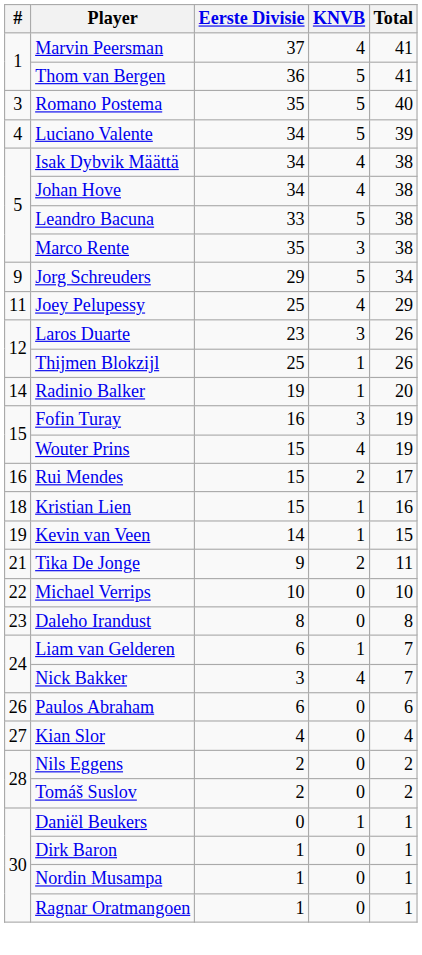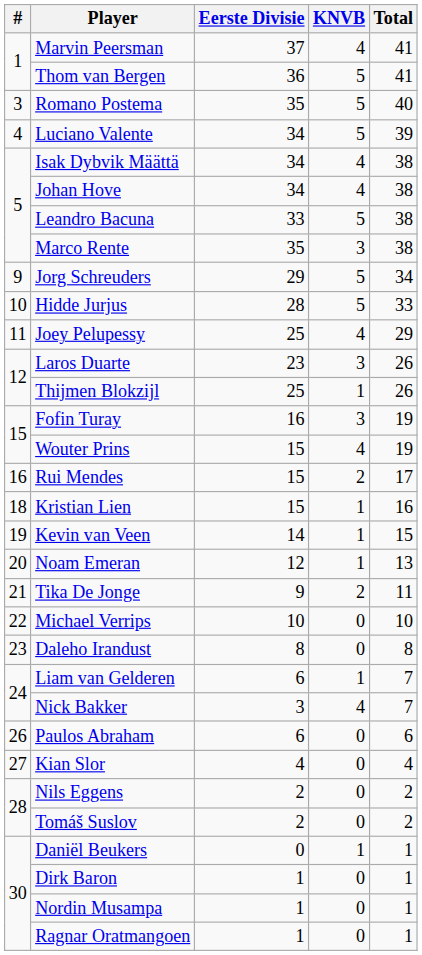 <table class="wikitable" style="text-align:right;">
 <tr>
 <th>#</th>
 <th>Player</th>
 <th><a href='#'>Eerste Divisie</a></th>
 <th><a href='#'>KNVB</a></th>
 <th>Total</th>
 </tr>
 <tr>
 <td rowspan=2 align=center>1</td>
 <td align=left> <a href='#'>Marvin Peersman</a></td>
 <td>37</td>
 <td>4</td>
 <td>41</td>
 </tr>
 <tr>
 <td align=left> <a href='#'>Thom van Bergen</a></td>
 <td>36</td>
 <td>5</td>
 <td>41</td>
 </tr>
 <tr>
 <td align=center>3</td>
 <td align=left> <a href='#'>Romano Postema</a></td>
 <td>35</td>
 <td>5</td>
 <td>40</td>
 </tr>
 <tr>
 <td align=center>4</td>
 <td align=left> <a href='#'>Luciano Valente</a></td>
 <td>34</td>
 <td>5</td>
 <td>39</td>
 </tr>
 <tr>
 <td rowspan=4 align=center>5</td>
 <td align=left> <a href='#'>Isak Dybvik Määttä</a></td>
 <td>34</td>
 <td>4</td>
 <td>38</td>
 </tr>
 <tr>
 <td align=left> <a href='#'>Johan Hove</a></td>
 <td>34</td>
 <td>4</td>
 <td>38</td>
 </tr>
 <tr>
 <td align=left> <a href='#'>Leandro Bacuna</a></td>
 <td>33</td>
 <td>5</td>
 <td>38</td>
 </tr>
 <tr>
 <td align=left> <a href='#'>Marco Rente</a></td>
 <td>35</td>
 <td>3</td>
 <td>38</td>
 </tr>
 <tr>
 <td align=center>9</td>
 <td align=left> <a href='#'>Jorg Schreuders</a></td>
 <td>29</td>
 <td>5</td>
 <td>34</td>
 </tr>
 <tr>
+<td align=center>10</td>
+<td align=left> <a href='#'>Hidde Jurjus</a></td>
+<td>28</td>
+<td>5</td>
+<td>33</td>
+</tr>
+<tr>
 <td align=center>11</td>
 <td align=left> <a href='#'>Joey Pelupessy</a></td>
 <td>25</td>
 <td>4</td>
 <td>29</td>
 </tr>
 <tr>
 <td rowspan=2 align=center>12</td>
 <td align=left> <a href='#'>Laros Duarte</a></td>
 <td>23</td>
 <td>3</td>
 <td>26</td>
 </tr>
 <tr>
 <td align=left> <a href='#'>Thijmen Blokzijl</a></td>
 <td>25</td>
 <td>1</td>
 <td>26</td>
-</tr>
-<tr>
-<td align=center>14</td>
-<td align=left> <a href='#'>Radinio Balker</a></td>
-<td>19</td>
-<td>1</td>
-<td>20</td>
 </tr>
 <tr>
 <td rowspan=2 align=center>15</td>
 <td align=left> <a href='#'>Fofin Turay</a></td>
 <td>16</td>
 <td>3</td>
 <td>19</td>
 </tr>
 <tr>
 <td align=left> <a href='#'>Wouter Prins</a></td>
 <td>15</td>
 <td>4</td>
 <td>19</td>
 </tr>
 <tr>
 <td align=center>16</td>
 <td align=left> <a href='#'>Rui Mendes</a></td>
 <td>15</td>
 <td>2</td>
 <td>17</td>
 </tr>
 <tr>
 <td align=center>18</td>
 <td align=left> <a href='#'>Kristian Lien</a></td>
 <td>15</td>
 <td>1</td>
 <td>16</td>
 </tr>
 <tr>
 <td align=center>19</td>
 <td align=left> <a href='#'>Kevin van Veen</a></td>
 <td>14</td>
 <td>1</td>
 <td>15</td>
+</tr>
+<tr>
+<td align=center>20</td>
+<td align=left> <a href='#'>Noam Emeran</a></td>
+<td>12</td>
+<td>1</td>
+<td>13</td>
 </tr>
 <tr>
 <td align=center>21</td>
 <td align=left> <a href='#'>Tika De Jonge</a></td>
 <td>9</td>
 <td>2</td>
 <td>11</td>
 </tr>
 <tr>
 <td align=center>22</td>
 <td align=left> <a href='#'>Michael Verrips</a></td>
 <td>10</td>
 <td>0</td>
 <td>10</td>
 </tr>
 <tr>
 <td align=center>23</td>
 <td align=left> <a href='#'>Daleho Irandust</a></td>
 <td>8</td>
 <td>0</td>
 <td>8</td>
 </tr>
 <tr>
 <td rowspan=2 align=center>24</td>
 <td align=left> <a href='#'>Liam van Gelderen</a></td>
 <td>6</td>
 <td>1</td>
 <td>7</td>
 </tr>
 <tr>
 <td align=left> <a href='#'>Nick Bakker</a></td>
 <td>3</td>
 <td>4</td>
 <td>7</td>
 </tr>
 <tr>
 <td align=center>26</td>
 <td align=left> <a href='#'>Paulos Abraham</a></td>
 <td>6</td>
 <td>0</td>
 <td>6</td>
 </tr>
 <tr>
 <td align=center>27</td>
 <td align=left> <a href='#'>Kian Slor</a></td>
 <td>4</td>
 <td>0</td>
 <td>4</td>
 </tr>
 <tr>
 <td rowspan=2 align=center>28</td>
 <td align=left> <a href='#'>Nils Eggens</a></td>
 <td>2</td>
 <td>0</td>
 <td>2</td>
 </tr>
 <tr>
 <td align=left> <a href='#'>Tomáš Suslov</a></td>
 <td>2</td>
 <td>0</td>
 <td>2</td>
 </tr>
 <tr>
 <td rowspan=4 align=center>30</td>
 <td align=left> <a href='#'>Daniël Beukers</a></td>
 <td>0</td>
 <td>1</td>
 <td>1</td>
 </tr>
 <tr>
 <td align=left> <a href='#'>Dirk Baron</a></td>
 <td>1</td>
 <td>0</td>
 <td>1</td>
 </tr>
 <tr>
 <td align=left> <a href='#'>Nordin Musampa</a></td>
 <td>1</td>
 <td>0</td>
 <td>1</td>
 </tr>
 <tr>
 <td align=left> <a href='#'>Ragnar Oratmangoen</a></td>
 <td>1</td>
 <td>0</td>
 <td>1</td>
 </tr>
 </table>
